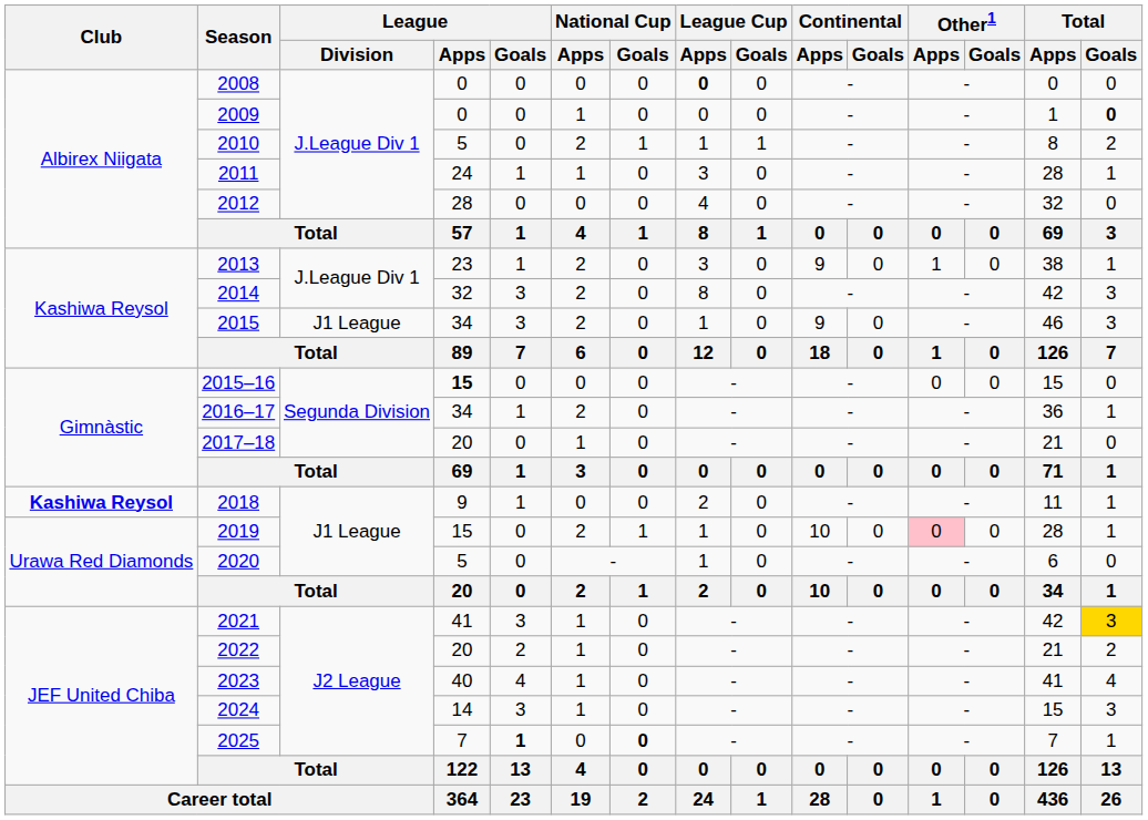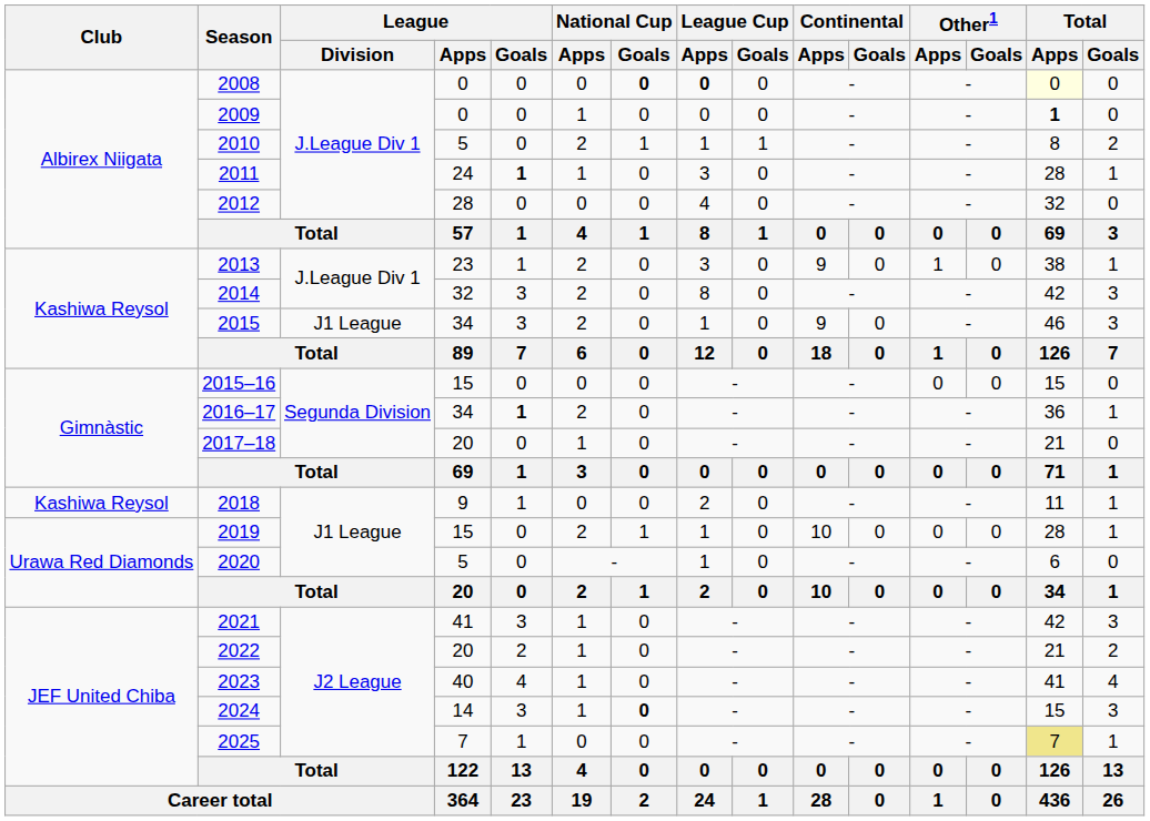 <table class="wikitable" style="text-align:center;">
 <tr>
 <th rowspan="2">Club</th>
 <th rowspan="2">Season</th>
 <th colspan="3">League</th>
 <th colspan="2">National Cup</th>
 <th colspan="2">League Cup</th>
 <th colspan="2">Continental</th>
 <th colspan="2">Other<sup><a href='#'>1</a></sup></th>
 <th colspan="2">Total</th>
 </tr>
 <tr>
 <th>Division</th>
 <th>Apps</th>
 <th>Goals</th>
 <th>Apps</th>
 <th>Goals</th>
 <th>Apps</th>
 <th>Goals</th>
 <th>Apps</th>
 <th>Goals</th>
 <th>Apps</th>
 <th>Goals</th>
 <th>Apps</th>
 <th>Goals</th>
 </tr>
 <tr>
 <td rowspan="6"><a href='#'>Albirex Niigata</a></td>
 <td><a href='#'>2008</a></td>
 <td rowspan="5"><a href='#'>J.League Div 1</a></td>
 <td>0</td>
 <td>0</td>
 <td>0</td>
-<td>0</td>
+<td><strong>0</strong></td>
 <td><strong>0</strong></td>
 <td>0</td>
 <td colspan="2">-</td>
 <td colspan="2">-</td>
-<td>0</td>
+<td style="background: lightyellow;">0</td>
 <td>0</td>
 </tr>
 <tr>
 <td><a href='#'>2009</a></td>
 <td>0</td>
 <td>0</td>
 <td>1</td>
 <td>0</td>
 <td>0</td>
 <td>0</td>
 <td colspan="2">-</td>
 <td colspan="2">-</td>
-<td>1</td>
-<td><strong>0</strong></td>
+<td><strong>1</strong></td>
+<td>0</td>
 </tr>
 <tr>
 <td><a href='#'>2010</a></td>
 <td>5</td>
 <td>0</td>
 <td>2</td>
 <td>1</td>
 <td>1</td>
 <td>1</td>
 <td colspan="2">-</td>
 <td colspan="2">-</td>
 <td>8</td>
 <td>2</td>
 </tr>
 <tr>
 <td><a href='#'>2011</a></td>
 <td>24</td>
-<td>1</td>
+<td><strong>1</strong></td>
 <td>1</td>
 <td>0</td>
 <td>3</td>
 <td>0</td>
 <td colspan="2">-</td>
 <td colspan="2">-</td>
 <td>28</td>
 <td>1</td>
 </tr>
 <tr>
 <td><a href='#'>2012</a></td>
 <td>28</td>
 <td>0</td>
 <td>0</td>
 <td>0</td>
 <td>4</td>
 <td>0</td>
 <td colspan="2">-</td>
 <td colspan="2">-</td>
 <td>32</td>
 <td>0</td>
 </tr>
 <tr>
 <th colspan="2">Total</th>
 <th>57</th>
 <th>1</th>
 <th>4</th>
 <th>1</th>
 <th>8</th>
 <th>1</th>
 <th>0</th>
 <th>0</th>
 <th>0</th>
 <th>0</th>
 <th>69</th>
 <th>3</th>
 </tr>
 <tr>
 <td rowspan="4"><a href='#'>Kashiwa Reysol</a></td>
 <td><a href='#'>2013</a></td>
 <td rowspan="2">J.League Div 1</td>
 <td>23</td>
 <td>1</td>
 <td>2</td>
 <td>0</td>
 <td>3</td>
 <td>0</td>
 <td>9</td>
 <td>0</td>
 <td>1</td>
 <td>0</td>
 <td>38</td>
 <td>1</td>
 </tr>
 <tr>
 <td><a href='#'>2014</a></td>
 <td>32</td>
 <td>3</td>
 <td>2</td>
 <td>0</td>
 <td>8</td>
 <td>0</td>
 <td colspan="2">-</td>
 <td colspan="2">-</td>
 <td>42</td>
 <td>3</td>
 </tr>
 <tr>
 <td><a href='#'>2015</a></td>
 <td>J1 League</td>
 <td>34</td>
 <td>3</td>
 <td>2</td>
 <td>0</td>
 <td>1</td>
 <td>0</td>
 <td>9</td>
 <td>0</td>
 <td colspan="2">-</td>
 <td>46</td>
 <td>3</td>
 </tr>
 <tr>
 <th colspan="2">Total</th>
 <th>89</th>
 <th>7</th>
 <th>6</th>
 <th>0</th>
 <th>12</th>
 <th>0</th>
 <th>18</th>
 <th>0</th>
 <th>1</th>
 <th>0</th>
 <th>126</th>
 <th>7</th>
 </tr>
 <tr>
 <td rowspan="4"><a href='#'>Gimnàstic</a></td>
 <td><a href='#'>2015–16</a></td>
 <td rowspan="3"><a href='#'>Segunda Division</a></td>
-<td><strong>15</strong></td>
+<td>15</td>
 <td>0</td>
 <td>0</td>
 <td>0</td>
 <td colspan="2">-</td>
 <td colspan="2">-</td>
 <td>0</td>
 <td>0</td>
 <td>15</td>
 <td>0</td>
 </tr>
 <tr>
 <td><a href='#'>2016–17</a></td>
 <td>34</td>
-<td>1</td>
+<td><strong>1</strong></td>
 <td>2</td>
 <td>0</td>
 <td colspan="2">-</td>
 <td colspan="2">-</td>
 <td colspan="2">-</td>
 <td>36</td>
 <td>1</td>
 </tr>
 <tr>
 <td><a href='#'>2017–18</a></td>
 <td>20</td>
 <td>0</td>
 <td>1</td>
 <td>0</td>
 <td colspan="2">-</td>
 <td colspan="2">-</td>
 <td colspan="2">-</td>
 <td>21</td>
 <td>0</td>
 </tr>
 <tr>
 <th colspan="2">Total</th>
 <th>69</th>
 <th>1</th>
 <th>3</th>
 <th>0</th>
 <th>0</th>
 <th>0</th>
 <th>0</th>
 <th>0</th>
 <th>0</th>
 <th>0</th>
 <th>71</th>
 <th>1</th>
 </tr>
 <tr>
-<td><strong><a href='#'>Kashiwa Reysol</a></strong></td>
+<td><a href='#'>Kashiwa Reysol</a></td>
 <td><a href='#'>2018</a></td>
 <td rowspan="3">J1 League</td>
 <td>9</td>
 <td>1</td>
 <td>0</td>
 <td>0</td>
 <td>2</td>
 <td>0</td>
 <td colspan="2">-</td>
 <td colspan="2">-</td>
 <td>11</td>
 <td>1</td>
 </tr>
 <tr>
 <td rowspan="3"><a href='#'>Urawa Red Diamonds</a></td>
 <td><a href='#'>2019</a></td>
 <td>15</td>
 <td>0</td>
 <td>2</td>
 <td>1</td>
 <td>1</td>
 <td>0</td>
 <td>10</td>
 <td>0</td>
-<td style="background: pink;">0</td>
+<td>0</td>
 <td>0</td>
 <td>28</td>
 <td>1</td>
 </tr>
 <tr>
 <td><a href='#'>2020</a></td>
 <td>5</td>
 <td>0</td>
 <td colspan="2">-</td>
 <td>1</td>
 <td>0</td>
 <td colspan="2">-</td>
 <td colspan="2">-</td>
 <td>6</td>
 <td>0</td>
 </tr>
 <tr>
 <th colspan="2">Total</th>
 <th>20</th>
 <th>0</th>
 <th>2</th>
 <th>1</th>
 <th>2</th>
 <th>0</th>
 <th>10</th>
 <th>0</th>
 <th>0</th>
 <th>0</th>
 <th>34</th>
 <th>1</th>
 </tr>
 <tr>
 <td rowspan="6"><a href='#'>JEF United Chiba</a></td>
 <td><a href='#'>2021</a></td>
 <td rowspan="5"><a href='#'>J2 League</a></td>
 <td>41</td>
 <td>3</td>
 <td>1</td>
 <td>0</td>
 <td colspan="2">-</td>
 <td colspan="2">-</td>
 <td colspan="2">-</td>
 <td>42</td>
-<td style="background: gold;">3</td>
+<td>3</td>
 </tr>
 <tr>
 <td><a href='#'>2022</a></td>
 <td>20</td>
 <td>2</td>
 <td>1</td>
 <td>0</td>
 <td colspan="2">-</td>
 <td colspan="2">-</td>
 <td colspan="2">-</td>
 <td>21</td>
 <td>2</td>
 </tr>
 <tr>
 <td><a href='#'>2023</a></td>
 <td>40</td>
 <td>4</td>
 <td>1</td>
 <td>0</td>
 <td colspan="2">-</td>
 <td colspan="2">-</td>
 <td colspan="2">-</td>
 <td>41</td>
 <td>4</td>
 </tr>
 <tr>
 <td><a href='#'>2024</a></td>
 <td>14</td>
 <td>3</td>
 <td>1</td>
-<td>0</td>
+<td><strong>0</strong></td>
 <td colspan="2">-</td>
 <td colspan="2">-</td>
 <td colspan="2">-</td>
 <td>15</td>
 <td>3</td>
 </tr>
 <tr>
 <td><a href='#'>2025</a></td>
 <td>7</td>
-<td><strong>1</strong></td>
+<td>1</td>
 <td>0</td>
-<td><strong>0</strong></td>
+<td>0</td>
 <td colspan="2">-</td>
 <td colspan="2">-</td>
 <td colspan="2">-</td>
-<td>7</td>
+<td style="background: khaki;">7</td>
 <td>1</td>
 </tr>
 <tr>
 <th colspan="2">Total</th>
 <th>122</th>
 <th>13</th>
 <th>4</th>
 <th>0</th>
 <th>0</th>
 <th>0</th>
 <th>0</th>
 <th>0</th>
 <th>0</th>
 <th>0</th>
 <th>126</th>
 <th>13</th>
 </tr>
 <tr>
 <th colspan="3">Career total</th>
 <th>364</th>
 <th>23</th>
 <th>19</th>
 <th>2</th>
 <th>24</th>
 <th>1</th>
 <th>28</th>
 <th>0</th>
 <th>1</th>
 <th>0</th>
 <th>436</th>
 <th>26</th>
 </tr>
 </table>
